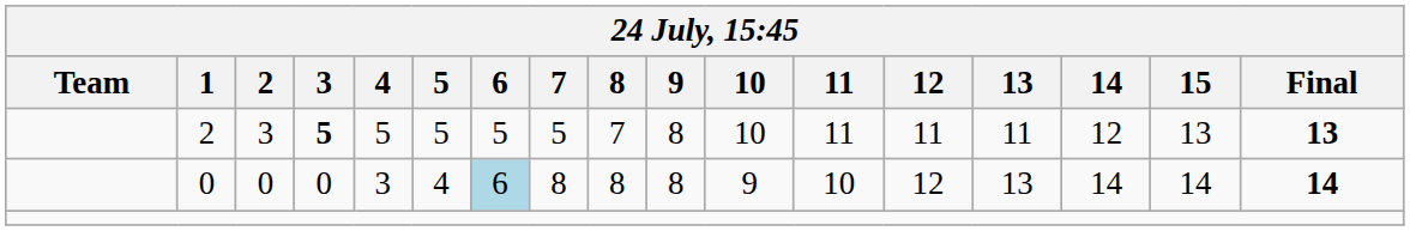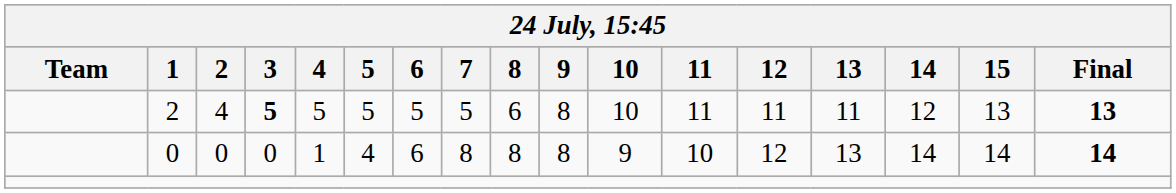 <table class=wikitable style="text-align:center; width: 55%">
 <tr>
 <th colspan=17><em>24 July, 15:45</em></th>
 </tr>
 <tr>
 <th>Team</th>
 <th>1</th>
 <th>2</th>
 <th>3</th>
 <th>4</th>
 <th>5</th>
 <th>6</th>
 <th>7</th>
 <th>8</th>
 <th>9</th>
 <th>10</th>
 <th>11</th>
 <th>12</th>
 <th>13</th>
 <th>14</th>
 <th>15</th>
 <th>Final</th>
 </tr>
 <tr>
 <td align=left></td>
 <td>2</td>
-<td>3</td>
+<td>4</td>
 <td><strong>5</strong></td>
 <td>5</td>
 <td>5</td>
 <td>5</td>
 <td>5</td>
-<td>7</td>
+<td>6</td>
 <td>8</td>
 <td>10</td>
 <td>11</td>
 <td>11</td>
 <td>11</td>
 <td>12</td>
 <td>13</td>
 <td><strong>13</strong></td>
 </tr>
 <tr>
 <td align=left><strong></strong></td>
 <td>0</td>
 <td>0</td>
 <td>0</td>
-<td>3</td>
+<td>1</td>
 <td>4</td>
-<td style="background: lightblue;">6</td>
+<td>6</td>
 <td>8</td>
 <td>8</td>
 <td>8</td>
 <td>9</td>
 <td>10</td>
 <td>12</td>
 <td>13</td>
 <td>14</td>
 <td>14</td>
 <td><strong>14</strong></td>
 </tr>
 <tr>
 <td colspan=17></td>
 </tr>
 </table>
